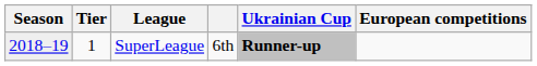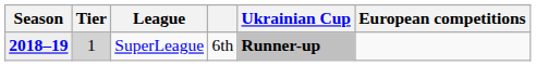 <table class="wikitable" style="font-size:85%">
 <tr bgcolor=>
 <th>Season</th>
 <th>Tier</th>
 <th>League</th>
 <th></th>
 <th><a href='#'>Ukrainian Cup</a></th>
 <th>European competitions</th>
 </tr>
 <tr>
-<td style="background:#efefef;"><a href='#'>2018–19</a></td>
-<td align="center">1</td>
+<td style="background:#efefef;"><strong><a href='#'>2018–19</a></strong></td>
+<td align="center" style="background: lightgrey;">1</td>
 <td><a href='#'>SuperLeague</a></td>
 <td align=center>6th</td>
 <td bgcolor=silver><strong>Runner-up</strong></td>
 <td colspan=2></td>
 </tr>
 </table>
